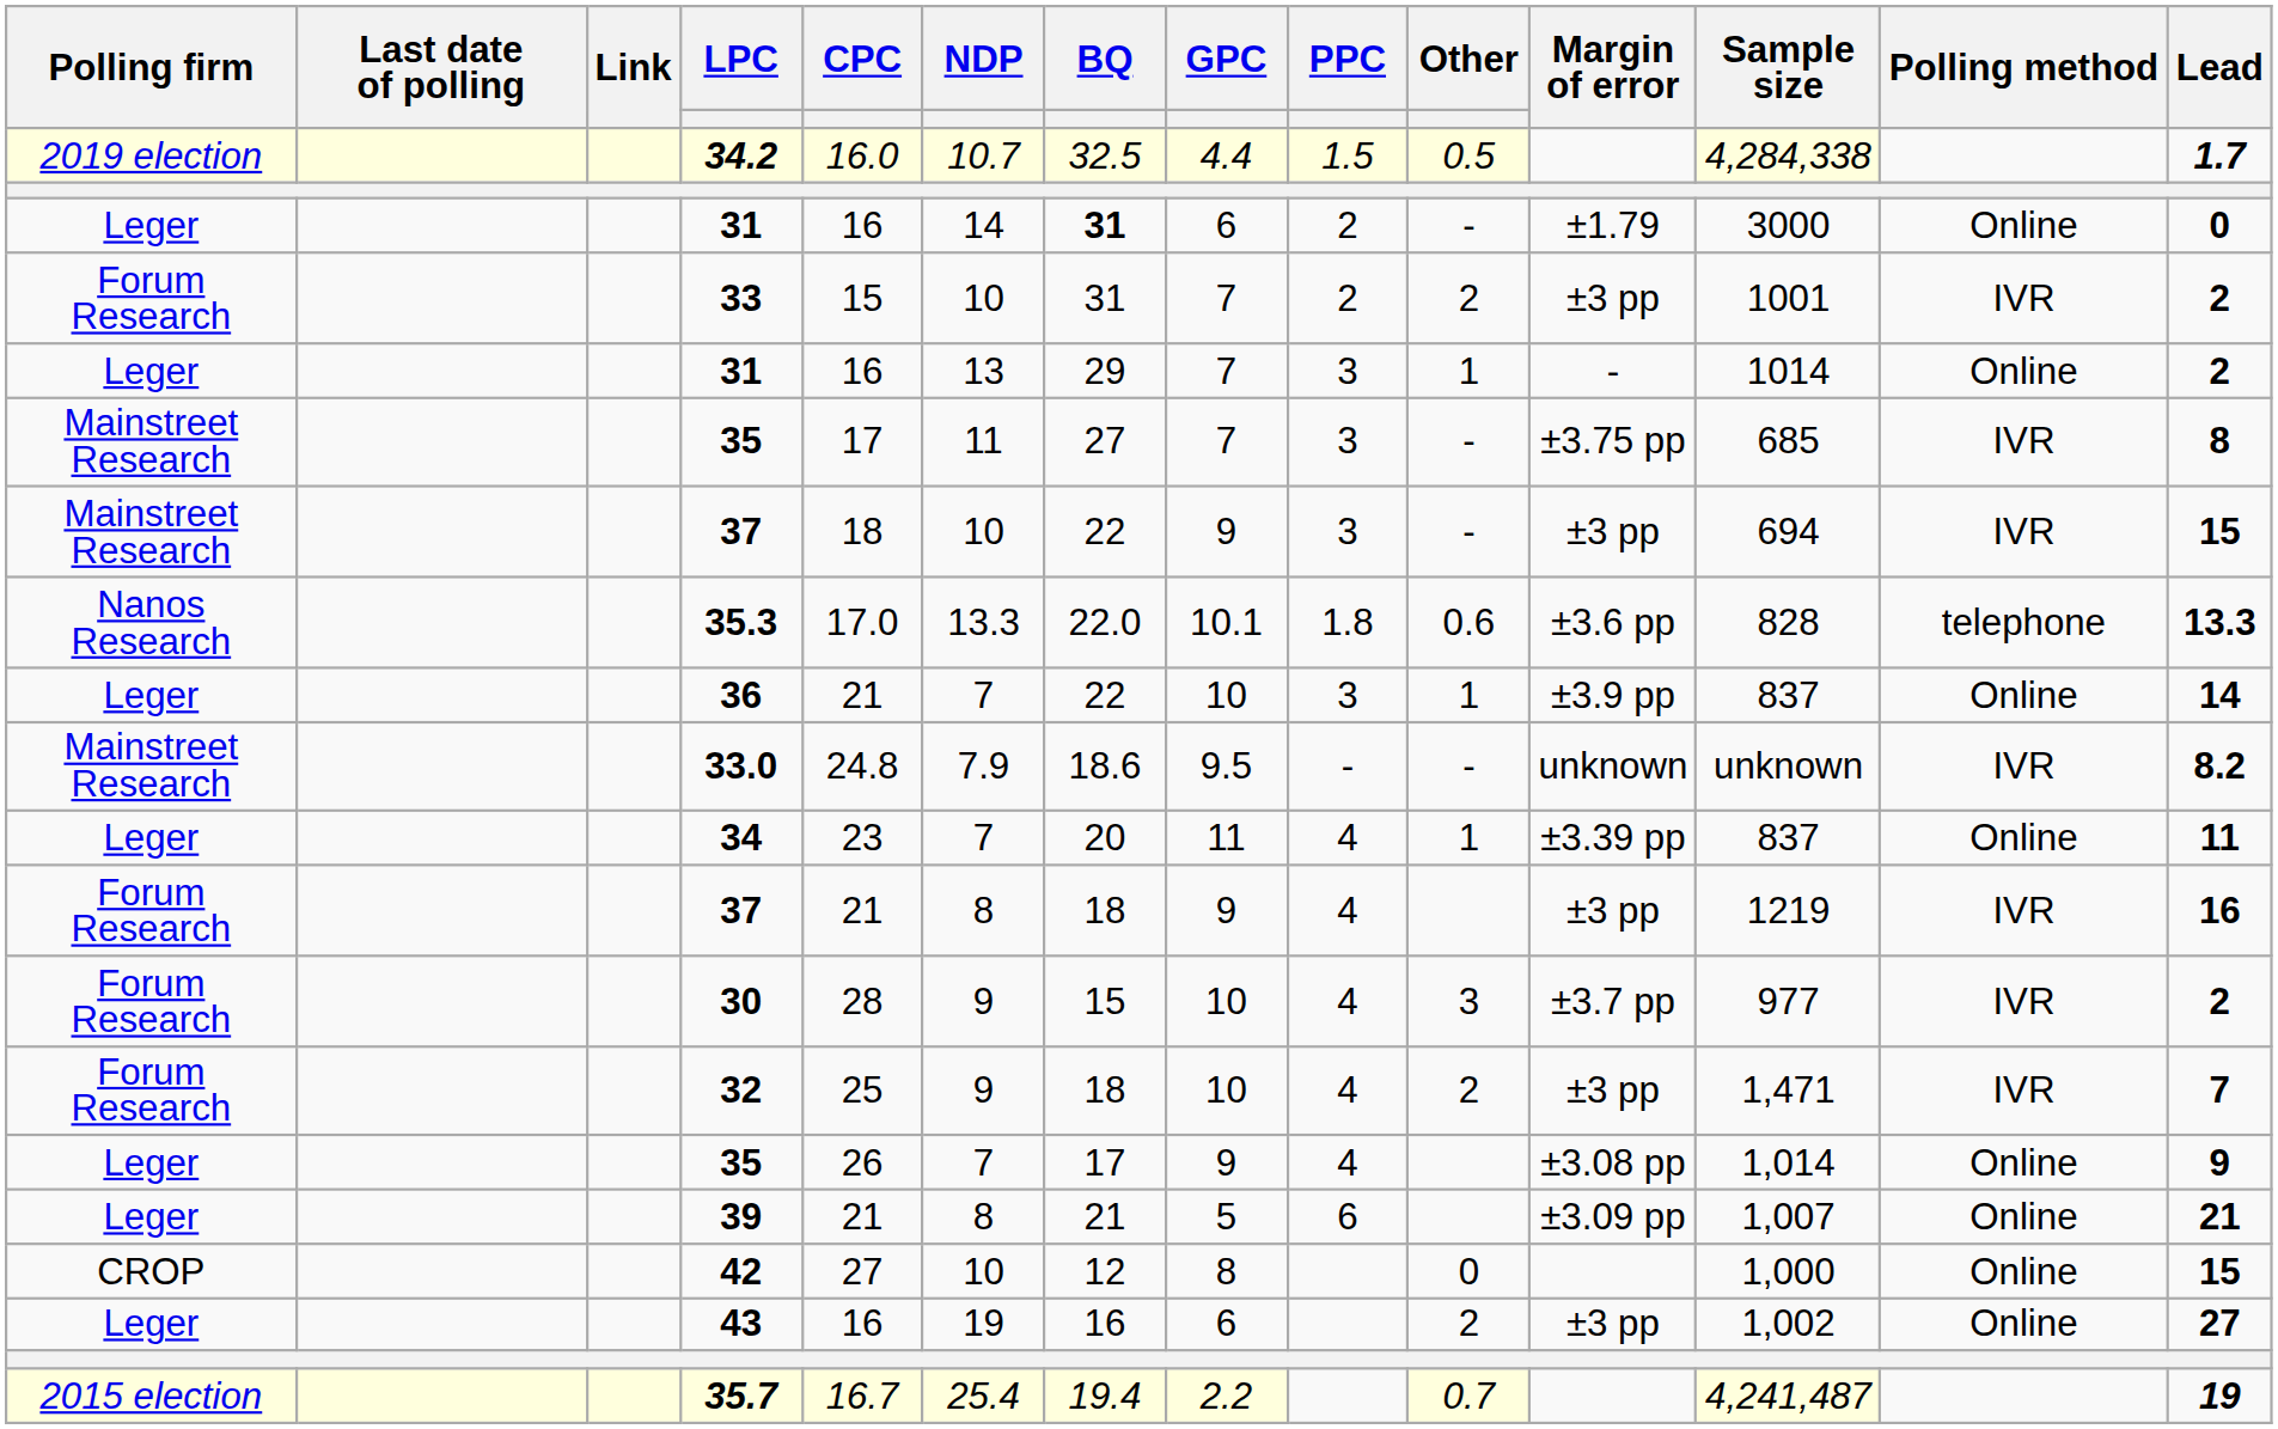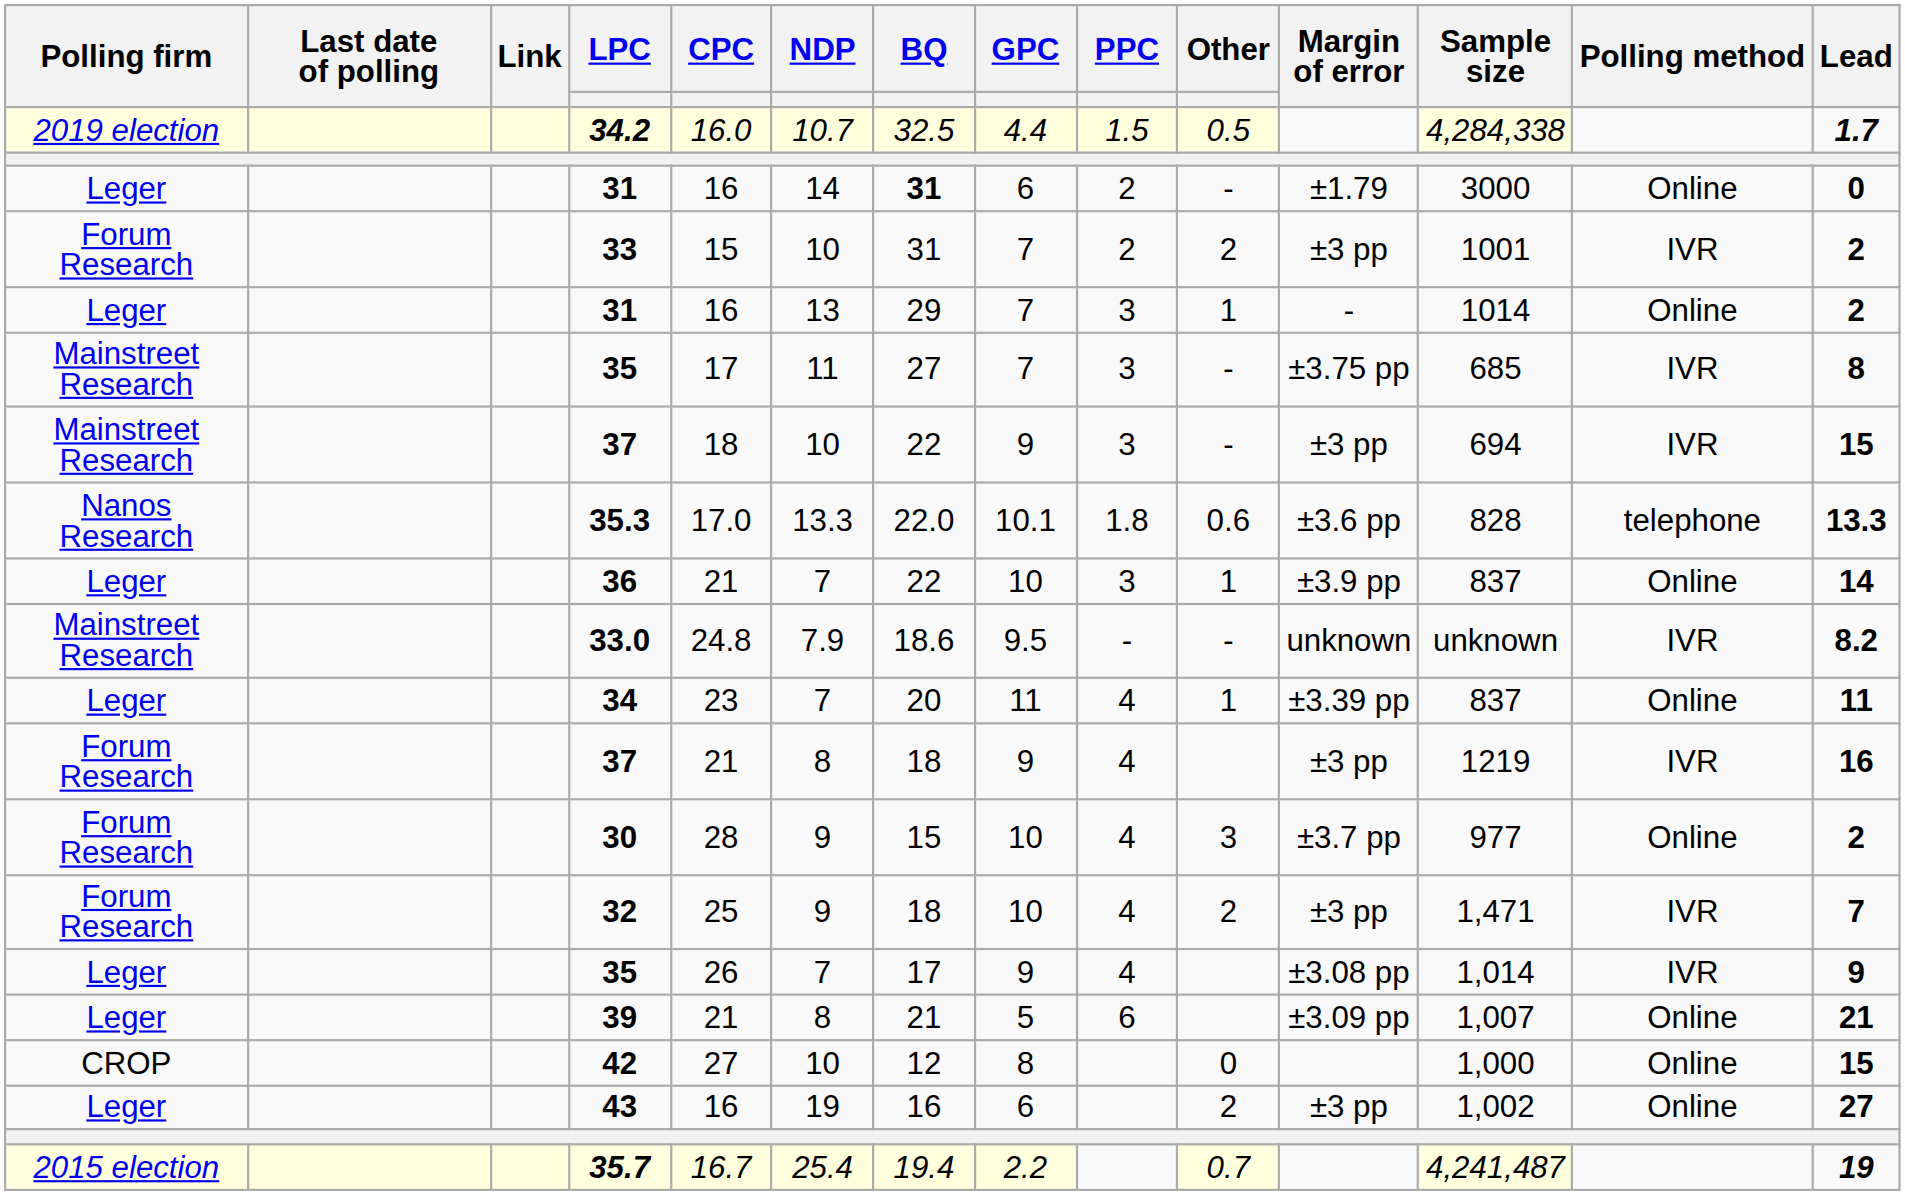 <table class="wikitable sortable mw-datatable" style="text-align:center;font-size:90%;line-height:14px;">
 <tr style="height:40px;">
 <th style="width:105px;" rowspan="2">Polling firm</th>
 <th style="width:105px;" rowspan="2">Last date<br>of polling</th>
 <th rowspan="2">Link</th>
 <th class="unsortable" style="width:40px;"><a href='#'>LPC</a></th>
 <th class="unsortable" style="width:40px;"><a href='#'>CPC</a></th>
 <th class="unsortable" style="width:40px;"><a href='#'>NDP</a></th>
 <th class="unsortable" style="width:40px;"><a href='#'>BQ</a></th>
 <th class="unsortable" style="width:40px;"><a href='#'>GPC</a></th>
 <th class="unsortable" style="width:40px;"><a href='#'>PPC</a></th>
 <th class="unsortable" style="width:40px;">Other</th>
 <th rowspan="2">Margin<br>of error</th>
 <th rowspan="2">Sample<br>size</th>
 <th rowspan="2">Polling method</th>
 <th rowspan="2">Lead</th>
 </tr>
 <tr>
 <th style="background:"></th>
 <th style="background:"></th>
 <th style="background:"></th>
 <th style="background:"></th>
 <th style="background:"></th>
 <th style="background:"></th>
 <th style="background:"></th>
 </tr>
 <tr>
 <td style="background:#ffd;"><em><a href='#'>2019 election</a></em></td>
 <td style="background:#ffd;"></td>
 <td style="background:#ffd;"><em></em></td>
 <td style="background:#ffd;" ><strong><em>34.2</em></strong></td>
 <td style="background:#ffd;"><em>16.0</em></td>
 <td style="background:#ffd;"><em>10.7</em></td>
 <td style="background:#ffd;"><em>32.5</em></td>
 <td style="background:#ffd;"><em>4.4</em></td>
 <td style="background:#ffd;"><em>1.5</em></td>
 <td style="background:#ffd;"><em>0.5</em></td>
 <td></td>
 <td style="background:#ffd;"><em>4,284,338</em></td>
 <td></td>
 <td><strong><em>1.7</em></strong></td>
 </tr>
 <tr>
 <th colspan="14"></th>
 </tr>
 <tr>
 <td><a href='#'>Leger</a></td>
 <td></td>
 <td></td>
 <td><strong>31</strong></td>
 <td>16</td>
 <td>14</td>
 <td style="background-color:"><strong>31</strong></td>
 <td>6</td>
 <td>2</td>
 <td>-</td>
 <td>±1.79</td>
 <td>3000</td>
 <td>Online</td>
 <td><strong>0</strong></td>
 </tr>
 <tr>
 <td><a href='#'>Forum Research</a></td>
 <td></td>
 <td></td>
 <td><strong>33</strong></td>
 <td>15</td>
 <td>10</td>
 <td>31</td>
 <td>7</td>
 <td>2</td>
 <td>2</td>
 <td>±3 pp</td>
 <td>1001</td>
 <td>IVR</td>
 <td><strong>2</strong></td>
 </tr>
 <tr>
 <td><a href='#'>Leger</a></td>
 <td></td>
 <td></td>
 <td><strong>31</strong></td>
 <td>16</td>
 <td>13</td>
 <td>29</td>
 <td>7</td>
 <td>3</td>
 <td>1</td>
 <td>-</td>
 <td>1014</td>
 <td>Online</td>
 <td><strong>2</strong></td>
 </tr>
 <tr>
 <td><a href='#'>Mainstreet Research</a></td>
 <td></td>
 <td></td>
 <td><strong>35</strong></td>
 <td>17</td>
 <td>11</td>
 <td>27</td>
 <td>7</td>
 <td>3</td>
 <td>-</td>
 <td>±3.75 pp</td>
 <td>685</td>
 <td>IVR</td>
 <td><strong>8</strong></td>
 </tr>
 <tr>
 <td><a href='#'>Mainstreet Research</a></td>
 <td></td>
 <td></td>
 <td><strong>37</strong></td>
 <td>18</td>
 <td>10</td>
 <td>22</td>
 <td>9</td>
 <td>3</td>
 <td>-</td>
 <td>±3 pp</td>
 <td>694</td>
 <td>IVR</td>
 <td><strong>15</strong></td>
 </tr>
 <tr>
 <td><a href='#'>Nanos Research</a></td>
 <td></td>
 <td></td>
 <td><strong>35.3</strong></td>
 <td>17.0</td>
 <td>13.3</td>
 <td>22.0</td>
 <td>10.1</td>
 <td>1.8</td>
 <td>0.6</td>
 <td>±3.6 pp</td>
 <td>828</td>
 <td>telephone</td>
 <td><strong>13.3</strong></td>
 </tr>
 <tr>
 <td><a href='#'>Leger</a></td>
 <td></td>
 <td></td>
 <td><strong>36</strong></td>
 <td>21</td>
 <td>7</td>
 <td>22</td>
 <td>10</td>
 <td>3</td>
 <td>1</td>
 <td>±3.9 pp</td>
 <td>837</td>
 <td>Online</td>
 <td><strong>14</strong></td>
 </tr>
 <tr>
 <td><a href='#'>Mainstreet Research</a></td>
 <td></td>
 <td></td>
 <td><strong>33.0</strong></td>
 <td>24.8</td>
 <td>7.9</td>
 <td>18.6</td>
 <td>9.5</td>
 <td>-</td>
 <td>-</td>
 <td>unknown</td>
 <td>unknown</td>
 <td>IVR</td>
 <td><strong>8.2</strong></td>
 </tr>
 <tr>
 <td><a href='#'>Leger</a></td>
 <td></td>
 <td></td>
 <td><strong>34</strong></td>
 <td>23</td>
 <td>7</td>
 <td>20</td>
 <td>11</td>
 <td>4</td>
 <td>1</td>
 <td>±3.39 pp</td>
 <td>837</td>
 <td>Online</td>
 <td><strong>11</strong></td>
 </tr>
 <tr>
 <td><a href='#'>Forum Research</a></td>
 <td></td>
 <td></td>
 <td><strong>37</strong></td>
 <td>21</td>
 <td>8</td>
 <td>18</td>
 <td>9</td>
 <td>4</td>
 <td></td>
 <td>±3 pp</td>
 <td>1219</td>
 <td>IVR</td>
 <td><strong>16</strong></td>
 </tr>
 <tr>
 <td><a href='#'>Forum Research</a></td>
 <td></td>
 <td></td>
 <td><strong>30</strong></td>
 <td>28</td>
 <td>9</td>
 <td>15</td>
 <td>10</td>
 <td>4</td>
 <td>3</td>
 <td>±3.7 pp</td>
 <td>977</td>
-<td>IVR</td>
+<td>Online</td>
 <td><strong>2</strong></td>
 </tr>
 <tr>
 <td><a href='#'>Forum Research</a></td>
 <td></td>
 <td></td>
 <td><strong>32</strong></td>
 <td>25</td>
 <td>9</td>
 <td>18</td>
 <td>10</td>
 <td>4</td>
 <td>2</td>
 <td>±3 pp</td>
 <td>1,471</td>
 <td>IVR</td>
 <td><strong>7</strong></td>
 </tr>
 <tr>
 <td><a href='#'>Leger</a></td>
 <td></td>
 <td></td>
 <td><strong>35</strong></td>
 <td>26</td>
 <td>7</td>
 <td>17</td>
 <td>9</td>
 <td>4</td>
 <td></td>
 <td>±3.08 pp</td>
 <td>1,014</td>
-<td>Online</td>
+<td>IVR</td>
 <td><strong>9</strong></td>
 </tr>
 <tr>
 <td><a href='#'>Leger</a></td>
 <td></td>
 <td></td>
 <td><strong>39</strong></td>
 <td>21</td>
 <td>8</td>
 <td>21</td>
 <td>5</td>
 <td>6</td>
 <td></td>
 <td>±3.09 pp</td>
 <td>1,007</td>
 <td>Online</td>
 <td><strong>21</strong></td>
 </tr>
 <tr>
 <td>CROP</td>
 <td></td>
 <td></td>
 <td><strong>42</strong></td>
 <td>27</td>
 <td>10</td>
 <td>12</td>
 <td>8</td>
 <td></td>
 <td>0</td>
 <td></td>
 <td>1,000</td>
 <td>Online</td>
 <td><strong>15</strong></td>
 </tr>
 <tr>
 <td><a href='#'>Leger</a></td>
 <td></td>
 <td></td>
 <td><strong>43</strong></td>
 <td>16</td>
 <td>19</td>
 <td>16</td>
 <td>6</td>
 <td></td>
 <td>2</td>
 <td>±3 pp</td>
 <td>1,002</td>
 <td>Online</td>
 <td><strong>27</strong></td>
 </tr>
 <tr>
 <th colspan="14"></th>
 </tr>
 <tr>
 <td style="background:#ffd;"><em><a href='#'>2015 election</a></em></td>
 <td style="background:#ffd;"></td>
 <td style="background:#ffd;"><em></em></td>
 <td style="background:#ffd;" ><strong><em>35.7</em></strong></td>
 <td style="background:#ffd;"><em>16.7</em></td>
 <td style="background:#ffd;"><em>25.4</em></td>
 <td style="background:#ffd;"><em>19.4</em></td>
 <td style="background:#ffd;"><em>2.2</em></td>
 <td><em></em></td>
 <td style="background:#ffd;"><em>0.7</em></td>
 <td></td>
 <td style="background:#ffd;"><em>4,241,487</em></td>
 <td></td>
 <td><strong><em>19</em></strong></td>
 </tr>
 </table>
